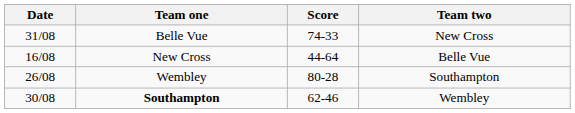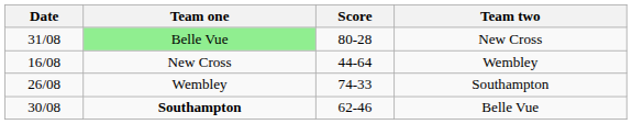 <table class="wikitable" style="text-align: center">
 <tr>
 <th width=80>Date</th>
 <th width=250>Team one</th>
 <th width=80>Score</th>
 <th width=250>Team two</th>
 </tr>
 <tr>
 <td>31/08</td>
-<td>Belle Vue</td>
-<td>74-33</td>
+<td style="background: lightgreen;">Belle Vue</td>
+<td>80-28</td>
 <td>New Cross</td>
 </tr>
 <tr>
 <td>16/08</td>
 <td>New Cross</td>
 <td>44-64</td>
-<td>Belle Vue</td>
+<td>Wembley</td>
 </tr>
 <tr>
 <td>26/08</td>
 <td>Wembley</td>
-<td>80-28</td>
+<td>74-33</td>
 <td>Southampton</td>
 </tr>
 <tr>
 <td>30/08</td>
 <td><strong>Southampton</strong></td>
 <td>62-46</td>
-<td>Wembley</td>
+<td>Belle Vue</td>
 </tr>
 </table>
